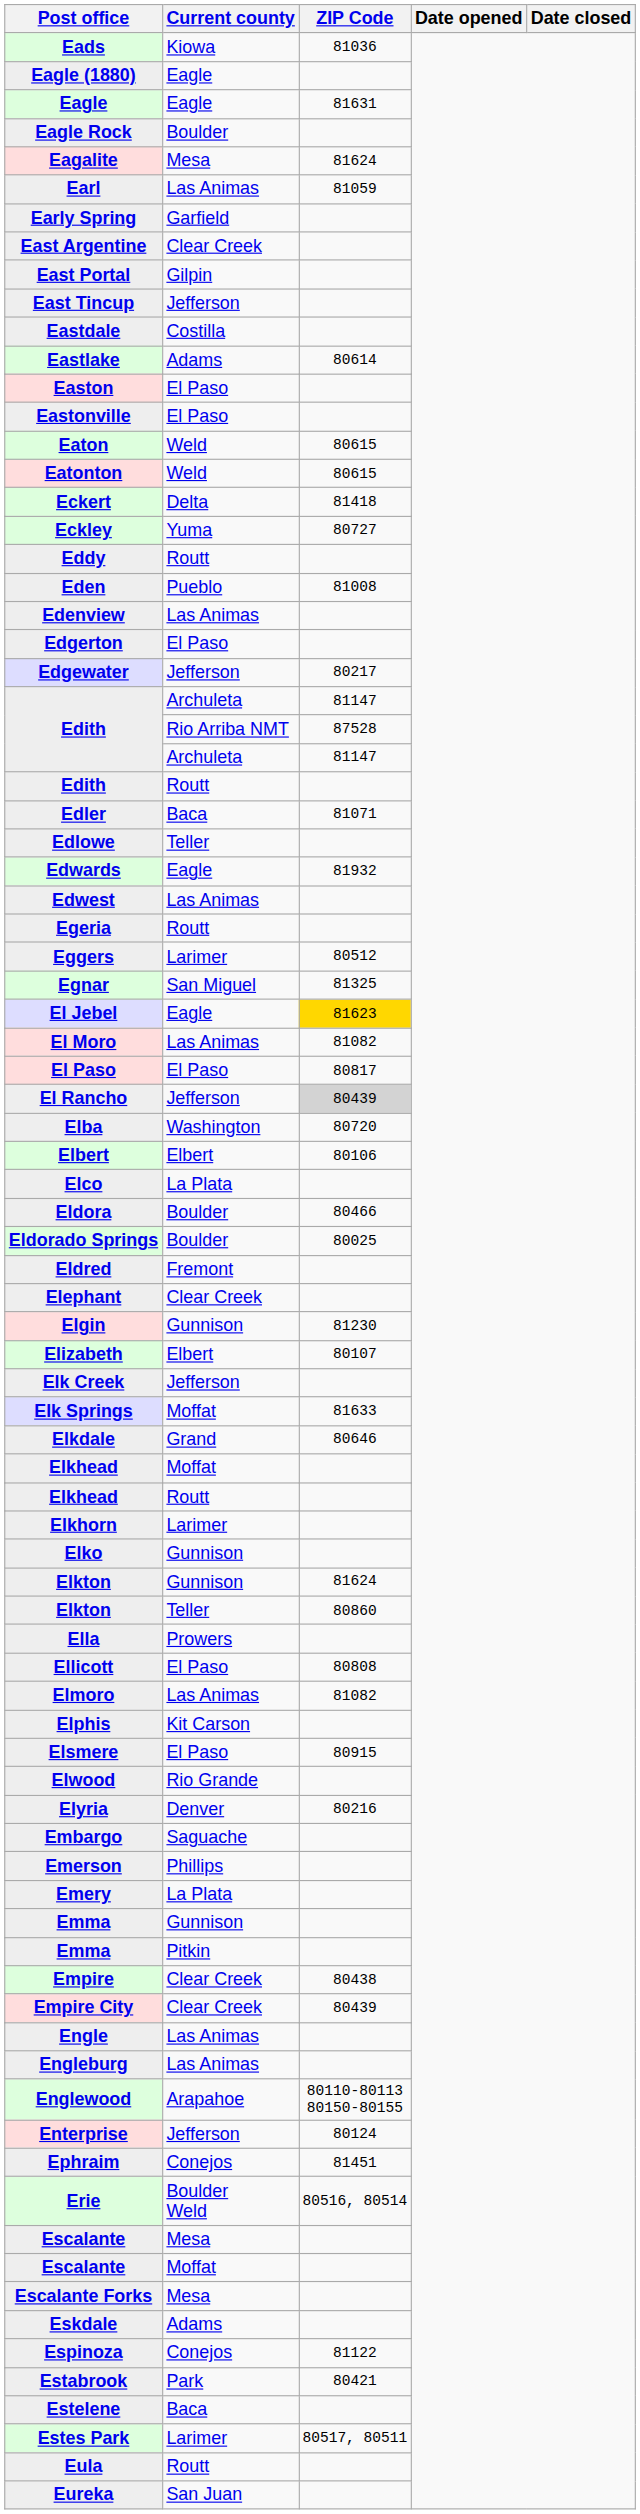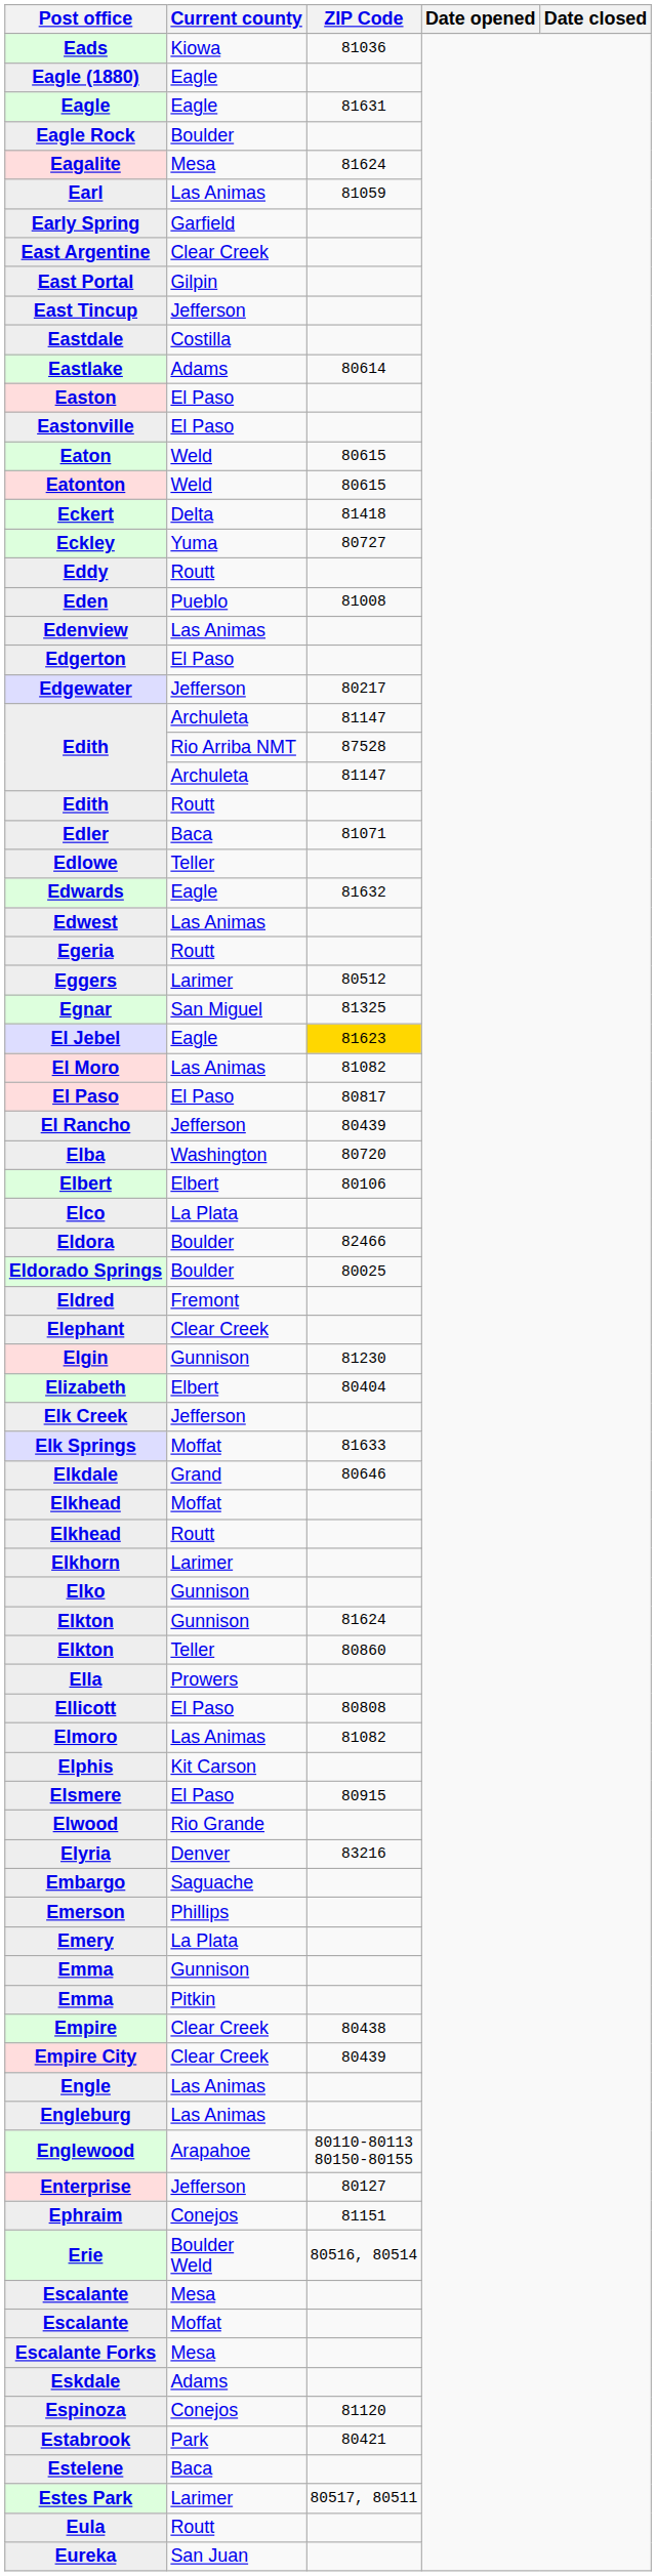 <table class="wikitable sortable plainrowheaders" style="margin:auto;">
 <tr>
 <th scope=col><a href='#'>Post office</a></th>
 <th scope=col><a href='#'>Current county</a></th>
 <th scope=col><a href='#'>ZIP Code</a></th>
 <th scope=col>Date opened</th>
 <th scope=col>Date closed</th>
 </tr>
 <tr>
 <th scope=row rowspan=1 style="background-color:#DDFFDD;"><a href='#'>Eads</a></th>
 <td rowspan=1><a href='#'>Kiowa</a></td>
 <td rowspan=1 align=center style="font-family:monospace;">81036<br> </td>
 </tr>
 <tr>
 <th scope=row rowspan=1 style="background-color:#EEEEEE;"><a href='#'>Eagle (1880)</a></th>
 <td rowspan=1><a href='#'>Eagle</a></td>
 <td rowspan=1 align=center style="font-family:monospace;"><br> </td>
 </tr>
 <tr>
 <th scope=row rowspan=1 style="background-color:#DDFFDD;"><a href='#'>Eagle</a></th>
 <td rowspan=1><a href='#'>Eagle</a></td>
 <td rowspan=1 align=center style="font-family:monospace;">81631<br> </td>
 </tr>
 <tr>
 <th scope=row rowspan=1 style="background-color:#EEEEEE;"><a href='#'>Eagle Rock</a></th>
 <td rowspan=1><a href='#'>Boulder</a></td>
 <td rowspan=1 align=center style="font-family:monospace;"><br> </td>
 </tr>
 <tr>
 <th scope=row rowspan=1 style="background-color:#FFDDDD;"><a href='#'>Eagalite</a></th>
 <td rowspan=1><a href='#'>Mesa</a></td>
 <td rowspan=1 align=center style="font-family:monospace;">81624<br> </td>
 </tr>
 <tr>
 <th scope=row rowspan=2 style="background-color:#EEEEEE;"><a href='#'>Earl</a></th>
 <td rowspan=2><a href='#'>Las Animas</a></td>
 <td rowspan=2 align=center style="font-family:monospace;">81059<br> </td>
 </tr>
 <tr>
 </tr>
 <tr>
 <th scope=row rowspan=1 style="background-color:#EEEEEE;"><a href='#'>Early Spring</a></th>
 <td rowspan=1><a href='#'>Garfield</a></td>
 <td rowspan=1 align=center style="font-family:monospace;"><br> </td>
 </tr>
 <tr>
 <th scope=row rowspan=1 style="background-color:#EEEEEE;"><a href='#'>East Argentine</a></th>
 <td rowspan=1><a href='#'>Clear Creek</a></td>
 <td rowspan=1 align=center style="font-family:monospace;"><br> </td>
 </tr>
 <tr>
 <th scope=row rowspan=3 style="background-color:#EEEEEE;"><a href='#'>East Portal</a></th>
 <td rowspan=3><a href='#'>Gilpin</a></td>
 <td rowspan=3 align=center style="font-family:monospace;"><br> </td>
 </tr>
 <tr>
 </tr>
 <tr>
 </tr>
 <tr>
 <th scope=row rowspan=1 style="background-color:#EEEEEE;"><a href='#'>East Tincup</a></th>
 <td rowspan=1><a href='#'>Jefferson</a></td>
 <td rowspan=1 align=center style="font-family:monospace;"><br> </td>
 </tr>
 <tr>
 <th scope=row rowspan=1 style="background-color:#EEEEEE;"><a href='#'>Eastdale</a></th>
 <td rowspan=1><a href='#'>Costilla</a></td>
 <td rowspan=1 align=center style="font-family:monospace;"><br> </td>
 </tr>
 <tr>
 <th scope=row rowspan=1 style="background-color:#DDFFDD;"><a href='#'>Eastlake</a></th>
 <td rowspan=1><a href='#'>Adams</a></td>
 <td rowspan=1 align=center style="font-family:monospace;">80614<br> </td>
 </tr>
 <tr>
 <th scope=row rowspan=2 style="background-color:#FFDDDD;"><a href='#'>Easton</a></th>
 <td rowspan=2><a href='#'>El Paso</a></td>
 <td rowspan=2 align=center style="font-family:monospace;"><br> </td>
 </tr>
 <tr>
 </tr>
 <tr>
 <th scope=row rowspan=1 style="background-color:#EEEEEE;"><a href='#'>Eastonville</a></th>
 <td rowspan=1><a href='#'>El Paso</a></td>
 <td rowspan=1 align=center style="font-family:monospace;"><br> </td>
 </tr>
 <tr>
 <th scope=row rowspan=1 style="background-color:#DDFFDD;"><a href='#'>Eaton</a></th>
 <td rowspan=1><a href='#'>Weld</a></td>
 <td rowspan=1 align=center style="font-family:monospace;">80615<br> </td>
 </tr>
 <tr>
 <th scope=row rowspan=1 style="background-color:#FFDDDD;"><a href='#'>Eatonton</a></th>
 <td rowspan=1><a href='#'>Weld</a></td>
 <td rowspan=1 align=center style="font-family:monospace;">80615<br> </td>
 </tr>
 <tr>
 <th scope=row rowspan=1 style="background-color:#DDFFDD;"><a href='#'>Eckert</a></th>
 <td rowspan=1><a href='#'>Delta</a></td>
 <td rowspan=1 align=center style="font-family:monospace;">81418<br> </td>
 </tr>
 <tr>
 <th scope=row rowspan=2 style="background-color:#DDFFDD;"><a href='#'>Eckley</a></th>
 <td rowspan=2><a href='#'>Yuma</a></td>
 <td rowspan=2 align=center style="font-family:monospace;">80727<br> </td>
 </tr>
 <tr>
 </tr>
 <tr>
 <th scope=row rowspan=1 style="background-color:#EEEEEE;"><a href='#'>Eddy</a></th>
 <td rowspan=1><a href='#'>Routt</a></td>
 <td rowspan=1 align=center style="font-family:monospace;"><br> </td>
 </tr>
 <tr>
 <th scope=row rowspan=1 style="background-color:#EEEEEE;"><a href='#'>Eden</a></th>
 <td rowspan=1><a href='#'>Pueblo</a></td>
 <td rowspan=1 align=center style="font-family:monospace;">81008<br> </td>
 </tr>
 <tr>
 <th scope=row rowspan=1 style="background-color:#EEEEEE;"><a href='#'>Edenview</a></th>
 <td rowspan=1><a href='#'>Las Animas</a></td>
 <td rowspan=1 align=center style="font-family:monospace;"><br> </td>
 </tr>
 <tr>
 <th scope=row rowspan=2 style="background-color:#EEEEEE;"><a href='#'>Edgerton</a></th>
 <td rowspan=2><a href='#'>El Paso</a></td>
 <td rowspan=2 align=center style="font-family:monospace;"><br> </td>
 </tr>
 <tr>
 </tr>
 <tr>
 <th scope=row rowspan=1 style="background-color:#DDDDFF;"><a href='#'>Edgewater</a></th>
 <td rowspan=1><a href='#'>Jefferson</a></td>
 <td rowspan=1 align=center style="font-family:monospace;">80217<br> </td>
 </tr>
 <tr>
 <th scope=row rowspan=3 style="background-color:#EEEEEE;"><a href='#'>Edith</a></th>
 <td><a href='#'>Archuleta</a></td>
 <td align=center style="font-family:monospace;">81147<br> </td>
 </tr>
 <tr>
 <td><a href='#'>Rio Arriba NMT</a></td>
 <td align=center style="font-family:monospace;">87528<br> </td>
 </tr>
 <tr>
 <td><a href='#'>Archuleta</a></td>
 <td align=center style="font-family:monospace;">81147<br> </td>
 </tr>
 <tr>
 <th scope=row rowspan=1 style="background-color:#EEEEEE;"><a href='#'>Edith</a></th>
 <td rowspan=1><a href='#'>Routt</a></td>
 <td rowspan=1 align=center style="font-family:monospace;"><br> </td>
 </tr>
 <tr>
 <th scope=row rowspan=1 style="background-color:#EEEEEE;"><a href='#'>Edler</a></th>
 <td rowspan=1><a href='#'>Baca</a></td>
 <td rowspan=1 align=center style="font-family:monospace;">81071<br> </td>
 </tr>
 <tr>
 <th scope=row rowspan=1 style="background-color:#EEEEEE;"><a href='#'>Edlowe</a></th>
 <td rowspan=1><a href='#'>Teller</a></td>
 <td rowspan=1 align=center style="font-family:monospace;"><br> </td>
 </tr>
 <tr>
 <th scope=row rowspan=1 style="background-color:#DDFFDD;"><a href='#'>Edwards</a></th>
 <td rowspan=1><a href='#'>Eagle</a></td>
-<td rowspan=1 align=center style="font-family:monospace;">81932<br> </td>
+<td rowspan=1 align=center style="font-family:monospace;">81632<br> </td>
 </tr>
 <tr>
 <th scope=row rowspan=1 style="background-color:#EEEEEE;"><a href='#'>Edwest</a></th>
 <td rowspan=1><a href='#'>Las Animas</a></td>
 <td rowspan=1 align=center style="font-family:monospace;"><br> </td>
 </tr>
 <tr>
 <th scope=row rowspan=1 style="background-color:#EEEEEE;"><a href='#'>Egeria</a></th>
 <td rowspan=1><a href='#'>Routt</a></td>
 <td rowspan=1 align=center style="font-family:monospace;"><br> </td>
 </tr>
 <tr>
 <th scope=row rowspan=1 style="background-color:#EEEEEE;"><a href='#'>Eggers</a></th>
 <td rowspan=1><a href='#'>Larimer</a></td>
 <td rowspan=1 align=center style="font-family:monospace;">80512<br> </td>
 </tr>
 <tr>
 <th scope=row rowspan=1 style="background-color:#DDFFDD;"><a href='#'>Egnar</a></th>
 <td rowspan=1><a href='#'>San Miguel</a></td>
 <td rowspan=1 align=center style="font-family:monospace;">81325<br> </td>
 </tr>
 <tr>
 <th scope=row rowspan=1 style="background-color:#DDDDFF;"><a href='#'>El Jebel</a></th>
 <td rowspan=1><a href='#'>Eagle</a></td>
 <td rowspan=1 align=center style="background: gold; font-family:monospace;">81623<br> </td>
 </tr>
 <tr>
 <th scope=row rowspan=2 style="background-color:#FFDDDD;"><a href='#'>El Moro</a></th>
 <td rowspan=2><a href='#'>Las Animas</a></td>
 <td rowspan=2 align=center style="font-family:monospace;">81082<br> </td>
 </tr>
 <tr>
 </tr>
 <tr>
 <th scope=row rowspan=1 style="background-color:#FFDDDD;"><a href='#'>El Paso</a></th>
 <td rowspan=1><a href='#'>El Paso</a></td>
 <td rowspan=1 align=center style="font-family:monospace;">80817<br> </td>
 </tr>
 <tr>
 <th scope=row rowspan=1 style="background-color:#EEEEEE;"><a href='#'>El Rancho</a></th>
 <td rowspan=1><a href='#'>Jefferson</a></td>
-<td rowspan=1 align=center style="background: lightgrey; font-family:monospace;">80439<br> </td>
+<td rowspan=1 align=center style="font-family:monospace;">80439<br> </td>
 </tr>
 <tr>
 <th scope=row rowspan=1 style="background-color:#EEEEEE;"><a href='#'>Elba</a></th>
 <td rowspan=1><a href='#'>Washington</a></td>
 <td rowspan=1 align=center style="font-family:monospace;">80720<br> </td>
 </tr>
 <tr>
 <th scope=row rowspan=2 style="background-color:#DDFFDD;"><a href='#'>Elbert</a></th>
 <td rowspan=2><a href='#'>Elbert</a></td>
 <td rowspan=2 align=center style="font-family:monospace;">80106<br> </td>
 </tr>
 <tr>
 </tr>
 <tr>
 <th scope=row rowspan=1 style="background-color:#EEEEEE;"><a href='#'>Elco</a></th>
 <td rowspan=1><a href='#'>La Plata</a></td>
 <td rowspan=1 align=center style="font-family:monospace;"><br> </td>
 </tr>
 <tr>
 <th scope=row rowspan=1 style="background-color:#EEEEEE;"><a href='#'>Eldora</a></th>
 <td rowspan=1><a href='#'>Boulder</a></td>
-<td rowspan=1 align=center style="font-family:monospace;">80466<br> </td>
+<td rowspan=1 align=center style="font-family:monospace;">82466<br> </td>
 </tr>
 <tr>
 <th scope=row rowspan=1 style="background-color:#DDFFDD;"><a href='#'>Eldorado Springs</a></th>
 <td rowspan=1><a href='#'>Boulder</a></td>
 <td rowspan=1 align=center style="font-family:monospace;">80025<br> </td>
 </tr>
 <tr>
 <th scope=row rowspan=1 style="background-color:#EEEEEE;"><a href='#'>Eldred</a></th>
 <td rowspan=1><a href='#'>Fremont</a></td>
 <td rowspan=1 align=center style="font-family:monospace;"><br> </td>
 </tr>
 <tr>
 <th scope=row rowspan=1 style="background-color:#EEEEEE;"><a href='#'>Elephant</a></th>
 <td rowspan=1><a href='#'>Clear Creek</a></td>
 <td rowspan=1 align=center style="font-family:monospace;"><br> </td>
 </tr>
 <tr>
 <th scope=row rowspan=1 style="background-color:#FFDDDD;"><a href='#'>Elgin</a></th>
 <td rowspan=1><a href='#'>Gunnison</a></td>
 <td rowspan=1 align=center style="font-family:monospace;">81230<br> </td>
 </tr>
 <tr>
 <th scope=row rowspan=1 style="background-color:#DDFFDD;"><a href='#'>Elizabeth</a></th>
 <td rowspan=1><a href='#'>Elbert</a></td>
-<td rowspan=1 align=center style="font-family:monospace;">80107<br> </td>
+<td rowspan=1 align=center style="font-family:monospace;">80404<br> </td>
 </tr>
 <tr>
 <th scope=row rowspan=1 style="background-color:#EEEEEE;"><a href='#'>Elk Creek</a></th>
 <td rowspan=1><a href='#'>Jefferson</a></td>
 <td rowspan=1 align=center style="font-family:monospace;"><br> </td>
 </tr>
 <tr>
 <th scope=row rowspan=2 style="background-color:#DDDDFF;"><a href='#'>Elk Springs</a></th>
 <td rowspan=2><a href='#'>Moffat</a></td>
 <td rowspan=2 align=center style="font-family:monospace;">81633<br> </td>
 </tr>
 <tr>
 </tr>
 <tr>
 <th scope=row rowspan=1 style="background-color:#EEEEEE;"><a href='#'>Elkdale</a></th>
 <td rowspan=1><a href='#'>Grand</a></td>
 <td rowspan=1 align=center style="font-family:monospace;">80646<br> </td>
 </tr>
 <tr>
 <th scope=row rowspan=1 style="background-color:#EEEEEE;"><a href='#'>Elkhead</a></th>
 <td rowspan=1><a href='#'>Moffat</a></td>
 <td rowspan=1 align=center style="font-family:monospace;"><br> </td>
 </tr>
 <tr>
 <th scope=row rowspan=3 style="background-color:#EEEEEE;"><a href='#'>Elkhead</a></th>
 <td rowspan=3><a href='#'>Routt</a></td>
 <td rowspan=3 align=center style="font-family:monospace;"><br> </td>
 </tr>
 <tr>
 </tr>
 <tr>
 </tr>
 <tr>
 <th scope=row rowspan=2 style="background-color:#EEEEEE;"><a href='#'>Elkhorn</a></th>
 <td rowspan=2><a href='#'>Larimer</a></td>
 <td rowspan=2 align=center style="font-family:monospace;"><br> </td>
 </tr>
 <tr>
 </tr>
 <tr>
 <th scope=row rowspan=1 style="background-color:#EEEEEE;"><a href='#'>Elko</a></th>
 <td rowspan=1><a href='#'>Gunnison</a></td>
 <td rowspan=1 align=center style="font-family:monospace;"><br> </td>
 </tr>
 <tr>
 <th scope=row rowspan=1 style="background-color:#EEEEEE;"><a href='#'>Elkton</a></th>
 <td rowspan=1><a href='#'>Gunnison</a></td>
 <td rowspan=1 align=center style="font-family:monospace;">81624<br> </td>
 </tr>
 <tr>
 <th scope=row rowspan=1 style="background-color:#EEEEEE;"><a href='#'>Elkton</a></th>
 <td rowspan=1><a href='#'>Teller</a></td>
 <td rowspan=1 align=center style="font-family:monospace;">80860<br> </td>
 </tr>
 <tr>
 <th scope=row rowspan=1 style="background-color:#EEEEEE;"><a href='#'>Ella</a></th>
 <td rowspan=1><a href='#'>Prowers</a></td>
 <td rowspan=1 align=center style="font-family:monospace;"><br> </td>
 </tr>
 <tr>
 <th scope=row rowspan=1 style="background-color:#EEEEEE;"><a href='#'>Ellicott</a></th>
 <td rowspan=1><a href='#'>El Paso</a></td>
 <td rowspan=1 align=center style="font-family:monospace;">80808<br> </td>
 </tr>
 <tr>
 <th scope=row rowspan=2 style="background-color:#EEEEEE;"><a href='#'>Elmoro</a></th>
 <td rowspan=2><a href='#'>Las Animas</a></td>
 <td rowspan=2 align=center style="font-family:monospace;">81082<br> </td>
 </tr>
 <tr>
 </tr>
 <tr>
 <th scope=row rowspan=1 style="background-color:#EEEEEE;"><a href='#'>Elphis</a></th>
 <td rowspan=1><a href='#'>Kit Carson</a></td>
 <td rowspan=1 align=center style="font-family:monospace;"><br> </td>
 </tr>
 <tr>
 <th scope=row rowspan=1 style="background-color:#EEEEEE;"><a href='#'>Elsmere</a></th>
 <td rowspan=1><a href='#'>El Paso</a></td>
 <td rowspan=1 align=center style="font-family:monospace;">80915<br> </td>
 </tr>
 <tr>
 <th scope=row rowspan=2 style="background-color:#EEEEEE;"><a href='#'>Elwood</a></th>
 <td rowspan=2><a href='#'>Rio Grande</a></td>
 <td rowspan=2 align=center style="font-family:monospace;"><br> </td>
 </tr>
 <tr>
 </tr>
 <tr>
 <th scope=row rowspan=1 style="background-color:#EEEEEE;"><a href='#'>Elyria</a></th>
 <td rowspan=1><a href='#'>Denver</a></td>
-<td rowspan=1 align=center style="font-family:monospace;">80216<br> </td>
+<td rowspan=1 align=center style="font-family:monospace;">83216<br> </td>
 </tr>
 <tr>
 <th scope=row rowspan=1 style="background-color:#EEEEEE;"><a href='#'>Embargo</a></th>
 <td rowspan=1><a href='#'>Saguache</a></td>
 <td rowspan=1 align=center style="font-family:monospace;"><br> </td>
 </tr>
 <tr>
 <th scope=row rowspan=1 style="background-color:#EEEEEE;"><a href='#'>Emerson</a></th>
 <td rowspan=1><a href='#'>Phillips</a></td>
 <td rowspan=1 align=center style="font-family:monospace;"><br> </td>
 </tr>
 <tr>
 <th scope=row rowspan=1 style="background-color:#EEEEEE;"><a href='#'>Emery</a></th>
 <td rowspan=1><a href='#'>La Plata</a></td>
 <td rowspan=1 align=center style="font-family:monospace;"><br> </td>
 </tr>
 <tr>
 <th scope=row rowspan=1 style="background-color:#EEEEEE;"><a href='#'>Emma</a></th>
 <td rowspan=1><a href='#'>Gunnison</a></td>
 <td rowspan=1 align=center style="font-family:monospace;"><br> </td>
 </tr>
 <tr>
 <th scope=row rowspan=2 style="background-color:#EEEEEE;"><a href='#'>Emma</a></th>
 <td rowspan=2><a href='#'>Pitkin</a></td>
 <td rowspan=2 align=center style="font-family:monospace;"><br> </td>
 </tr>
 <tr>
 </tr>
 <tr>
 <th scope=row rowspan=1 style="background-color:#DDFFDD;"><a href='#'>Empire</a></th>
 <td rowspan=1><a href='#'>Clear Creek</a></td>
 <td rowspan=1 align=center style="font-family:monospace;">80438<br> </td>
 </tr>
 <tr>
 <th scope=row rowspan=1 style="background-color:#FFDDDD;"><a href='#'>Empire City</a></th>
 <td rowspan=1><a href='#'>Clear Creek</a></td>
 <td rowspan=1 align=center style="font-family:monospace;">80439<br> </td>
 </tr>
 <tr>
 <th scope=row rowspan=2 style="background-color:#EEEEEE;"><a href='#'>Engle</a></th>
 <td rowspan=2><a href='#'>Las Animas</a></td>
 <td rowspan=2 align=center style="font-family:monospace;"><br> </td>
 </tr>
 <tr>
 </tr>
 <tr>
 <th scope=row rowspan=1 style="background-color:#EEEEEE;"><a href='#'>Engleburg</a></th>
 <td rowspan=1><a href='#'>Las Animas</a></td>
 <td rowspan=1 align=center style="font-family:monospace;"><br> </td>
 </tr>
 <tr>
 <th scope=row rowspan=2 style="background-color:#DDFFDD;"><a href='#'>Englewood</a></th>
 <td rowspan=2><a href='#'>Arapahoe</a></td>
 <td rowspan=2 align=center style="font-family:monospace;">80110-80113<br>80150-80155<br> </td>
 </tr>
 <tr>
 </tr>
 <tr>
 <th scope=row rowspan=1 style="background-color:#FFDDDD;"><a href='#'>Enterprise</a></th>
 <td rowspan=1><a href='#'>Jefferson</a></td>
-<td rowspan=1 align=center style="font-family:monospace;">80124<br> </td>
+<td rowspan=1 align=center style="font-family:monospace;">80127<br> </td>
 </tr>
 <tr>
 <th scope=row rowspan=1 style="background-color:#EEEEEE;"><a href='#'>Ephraim</a></th>
 <td rowspan=1><a href='#'>Conejos</a></td>
-<td rowspan=1 align=center style="font-family:monospace;">81451<br> </td>
+<td rowspan=1 align=center style="font-family:monospace;">81151<br> </td>
 </tr>
 <tr>
 <th scope=row rowspan=1 style="background-color:#DDFFDD;"><a href='#'>Erie</a></th>
 <td rowspan=1><a href='#'>Boulder</a><br><a href='#'>Weld</a></td>
 <td rowspan=1 align=center style="font-family:monospace;">80516, 80514<br> </td>
 </tr>
 <tr>
 <th scope=row rowspan=1 style="background-color:#EEEEEE;"><a href='#'>Escalante</a></th>
 <td rowspan=1><a href='#'>Mesa</a></td>
 <td rowspan=1 align=center style="font-family:monospace;"><br> </td>
 </tr>
 <tr>
 <th scope=row rowspan=1 style="background-color:#EEEEEE;"><a href='#'>Escalante</a></th>
 <td rowspan=1><a href='#'>Moffat</a></td>
 <td rowspan=1 align=center style="font-family:monospace;"><br> </td>
 </tr>
 <tr>
 <th scope=row rowspan=1 style="background-color:#EEEEEE;"><a href='#'>Escalante Forks</a></th>
 <td rowspan=1><a href='#'>Mesa</a></td>
 <td rowspan=1 align=center style="font-family:monospace;"><br> </td>
 </tr>
 <tr>
 <th scope=row rowspan=1 style="background-color:#EEEEEE;"><a href='#'>Eskdale</a></th>
 <td rowspan=1><a href='#'>Adams</a></td>
 <td rowspan=1 align=center style="font-family:monospace;"><br> </td>
 </tr>
 <tr>
 <th scope=row rowspan=1 style="background-color:#EEEEEE;"><a href='#'>Espinoza</a></th>
 <td rowspan=1><a href='#'>Conejos</a></td>
-<td rowspan=1 align=center style="font-family:monospace;">81122<br> </td>
+<td rowspan=1 align=center style="font-family:monospace;">81120<br> </td>
 </tr>
 <tr>
 <th scope=row rowspan=2 style="background-color:#EEEEEE;"><a href='#'>Estabrook</a></th>
 <td rowspan=2><a href='#'>Park</a></td>
 <td rowspan=2 align=center style="font-family:monospace;">80421<br> </td>
 </tr>
 <tr>
 </tr>
 <tr>
 <th scope=row rowspan=1 style="background-color:#EEEEEE;"><a href='#'>Estelene</a></th>
 <td rowspan=1><a href='#'>Baca</a></td>
 <td rowspan=1 align=center style="font-family:monospace;"><br> </td>
 </tr>
 <tr>
 <th scope=row rowspan=1 style="background-color:#DDFFDD;"><a href='#'>Estes Park</a></th>
 <td rowspan=1><a href='#'>Larimer</a></td>
 <td rowspan=1 align=center style="font-family:monospace;">80517, 80511<br> </td>
 </tr>
 <tr>
 <th scope=row rowspan=1 style="background-color:#EEEEEE;"><a href='#'>Eula</a></th>
 <td rowspan=1><a href='#'>Routt</a></td>
 <td rowspan=1 align=center style="font-family:monospace;"><br> </td>
 </tr>
 <tr>
 <th scope=row rowspan=1 style="background-color:#EEEEEE;"><a href='#'>Eureka</a></th>
 <td rowspan=1><a href='#'>San Juan</a></td>
 <td rowspan=1 align=center style="font-family:monospace;"><br> </td>
 </tr>
 </table>
